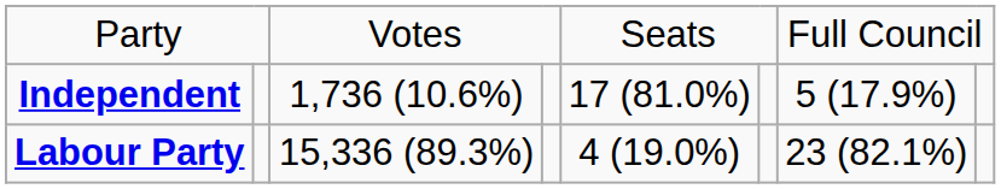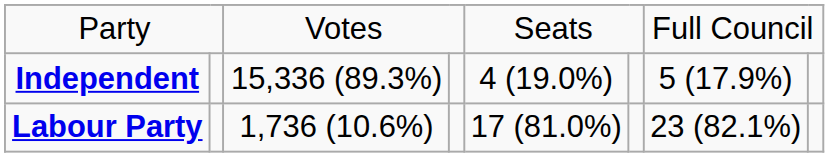 <table class=wikitable style="text-align:center;">
 <tr>
 <td colspan=2>Party</td>
 <td colspan=2>Votes</td>
 <td colspan=2>Seats</td>
 <td colspan=3>Full Council</td>
 </tr>
 <tr>
 <td><strong><a href='#'>Independent</a></strong></td>
 <td style="background:"></td>
-<td>1,736 (10.6%)</td>
+<td>15,336 (89.3%)</td>
 <td></td>
-<td>17 (81.0%)</td>
+<td>4 (19.0%)</td>
 <td></td>
 <td>5 (17.9%)</td>
 <td></td>
 </tr>
 <tr>
 <td><strong><a href='#'>Labour Party</a></strong></td>
 <td style="background:"></td>
-<td>15,336 (89.3%)</td>
+<td>1,736 (10.6%)</td>
 <td></td>
-<td>4 (19.0%)</td>
+<td>17 (81.0%)</td>
 <td></td>
 <td>23 (82.1%)</td>
 <td></td>
 </tr>
 </table>
